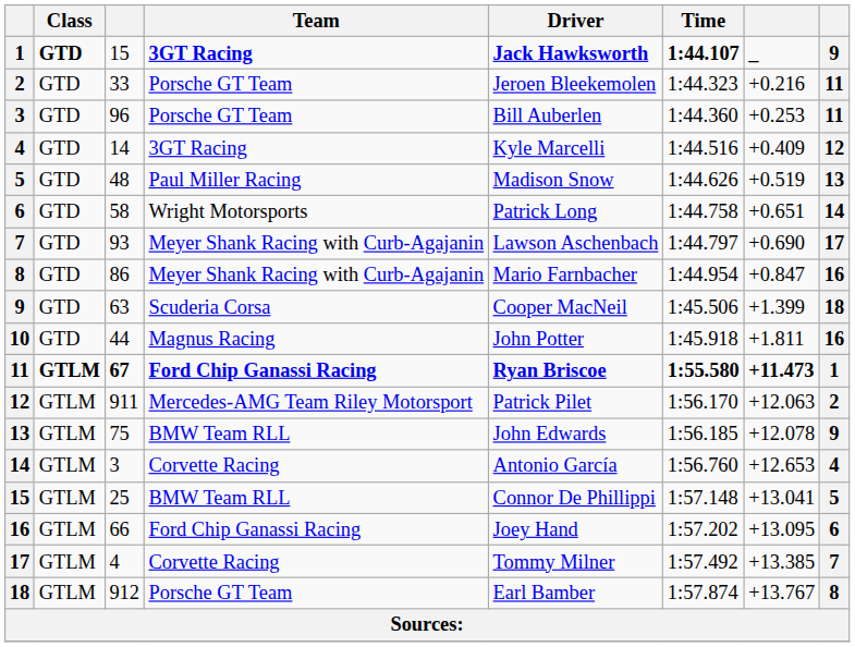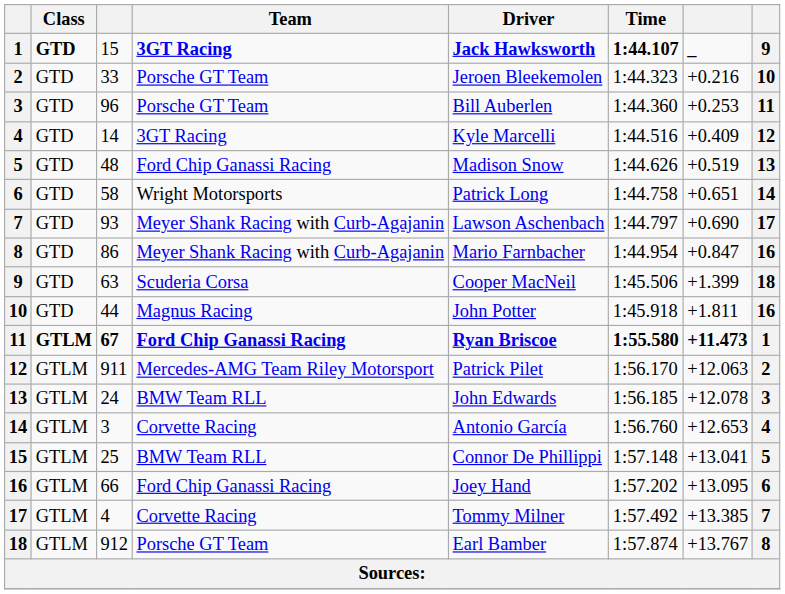 <table class="wikitable">
 <tr>
 <th scope="col"></th>
 <th scope="col">Class</th>
 <th scope="col"></th>
 <th scope="col">Team</th>
 <th scope="col">Driver</th>
 <th scope="col">Time</th>
 <th scope="col"></th>
 <th scope="col"></th>
 </tr>
 <tr>
 <th scope="row">1</th>
 <td><strong>GTD</strong></td>
 <td>15</td>
 <td><strong> <a href='#'>3GT Racing</a></strong></td>
 <td><strong> <a href='#'>Jack Hawksworth</a></strong></td>
 <td><strong>1:44.107</strong></td>
 <td><strong>_</strong></td>
 <th>9</th>
 </tr>
 <tr>
 <th scope="row">2</th>
 <td>GTD</td>
 <td>33</td>
 <td> <a href='#'>Porsche GT Team</a></td>
 <td> <a href='#'>Jeroen Bleekemolen</a></td>
 <td>1:44.323</td>
 <td>+0.216</td>
-<th>11</th>
+<th>10</th>
 </tr>
 <tr>
 <th scope="row">3</th>
 <td>GTD</td>
 <td>96</td>
 <td> <a href='#'>Porsche GT Team</a></td>
 <td> <a href='#'>Bill Auberlen</a></td>
 <td>1:44.360</td>
 <td>+0.253</td>
 <th>11</th>
 </tr>
 <tr>
 <th scope="row">4</th>
 <td>GTD</td>
 <td>14</td>
 <td> <a href='#'>3GT Racing</a></td>
 <td> <a href='#'>Kyle Marcelli</a></td>
 <td>1:44.516</td>
 <td>+0.409</td>
 <th>12</th>
 </tr>
 <tr>
 <th scope="row">5</th>
 <td>GTD</td>
 <td>48</td>
-<td> <a href='#'>Paul Miller Racing</a></td>
+<td> <a href='#'>Ford Chip Ganassi Racing</a></td>
 <td> <a href='#'>Madison Snow</a></td>
 <td>1:44.626</td>
 <td>+0.519</td>
 <th>13</th>
 </tr>
 <tr>
 <th scope="row">6</th>
 <td>GTD</td>
 <td>58</td>
 <td> Wright Motorsports</td>
 <td> <a href='#'>Patrick Long</a></td>
 <td>1:44.758</td>
 <td>+0.651</td>
 <th>14</th>
 </tr>
 <tr>
 <th scope="row">7</th>
 <td>GTD</td>
 <td>93</td>
 <td> <a href='#'>Meyer Shank Racing</a> with <a href='#'>Curb-Agajanin</a></td>
 <td> <a href='#'>Lawson Aschenbach</a></td>
 <td>1:44.797</td>
 <td>+0.690</td>
 <th>17</th>
 </tr>
 <tr>
 <th scope="row">8</th>
 <td>GTD</td>
 <td>86</td>
 <td> <a href='#'>Meyer Shank Racing</a> with <a href='#'>Curb-Agajanin</a></td>
 <td> <a href='#'>Mario Farnbacher</a></td>
 <td>1:44.954</td>
 <td>+0.847</td>
 <th>16</th>
 </tr>
 <tr>
 <th scope="row">9</th>
 <td>GTD</td>
 <td>63</td>
 <td> <a href='#'>Scuderia Corsa</a></td>
 <td> <a href='#'>Cooper MacNeil</a></td>
 <td>1:45.506</td>
 <td>+1.399</td>
 <th>18</th>
 </tr>
 <tr>
 <th scope="row">10</th>
 <td>GTD</td>
 <td>44</td>
 <td> <a href='#'>Magnus Racing</a></td>
 <td> <a href='#'>John Potter</a></td>
 <td>1:45.918</td>
 <td>+1.811</td>
 <th>16</th>
 </tr>
 <tr>
 <th scope="row">11</th>
 <td><strong>GTLM</strong></td>
 <td><strong>67</strong></td>
 <td><strong> <a href='#'>Ford Chip Ganassi Racing</a></strong></td>
 <td><strong> <a href='#'>Ryan Briscoe</a></strong></td>
 <td><strong>1:55.580</strong></td>
 <td><strong>+11.473</strong></td>
 <th>1</th>
 </tr>
 <tr>
 <th>12</th>
 <td>GTLM</td>
 <td>911</td>
 <td> <a href='#'>Mercedes-AMG Team Riley Motorsport</a></td>
 <td> <a href='#'>Patrick Pilet</a></td>
 <td>1:56.170</td>
 <td>+12.063</td>
 <th>2</th>
 </tr>
 <tr>
 <th scope="row">13</th>
 <td>GTLM</td>
-<td>75</td>
+<td>24</td>
 <td> <a href='#'>BMW Team RLL</a></td>
 <td> <a href='#'>John Edwards</a></td>
 <td>1:56.185</td>
 <td>+12.078</td>
-<th>9</th>
+<th>3</th>
 </tr>
 <tr>
 <th scope="row">14</th>
 <td>GTLM</td>
 <td>3</td>
 <td> <a href='#'>Corvette Racing</a></td>
 <td> <a href='#'>Antonio García</a></td>
 <td>1:56.760</td>
 <td>+12.653</td>
 <th>4</th>
 </tr>
 <tr>
 <th scope="row">15</th>
 <td>GTLM</td>
 <td>25</td>
 <td> <a href='#'>BMW Team RLL</a></td>
 <td> <a href='#'>Connor De Phillippi</a></td>
 <td>1:57.148</td>
 <td>+13.041</td>
 <th>5</th>
 </tr>
 <tr>
 <th scope="row">16</th>
 <td>GTLM</td>
 <td>66</td>
 <td> <a href='#'>Ford Chip Ganassi Racing</a></td>
 <td> <a href='#'>Joey Hand</a></td>
 <td>1:57.202</td>
 <td>+13.095</td>
 <th><strong>6</strong></th>
 </tr>
 <tr>
 <th scope="row">17</th>
 <td>GTLM</td>
 <td>4</td>
 <td> <a href='#'>Corvette Racing</a></td>
 <td> <a href='#'>Tommy Milner</a></td>
 <td>1:57.492</td>
 <td>+13.385</td>
 <th>7</th>
 </tr>
 <tr>
 <th scope="row">18</th>
 <td>GTLM</td>
 <td>912</td>
 <td> <a href='#'>Porsche GT Team</a></td>
 <td> <a href='#'>Earl Bamber</a></td>
 <td>1:57.874</td>
 <td>+13.767</td>
 <th>8</th>
 </tr>
 <tr>
 <th colspan="8">Sources:</th>
 </tr>
 <tr>
 </tr>
 </table>
